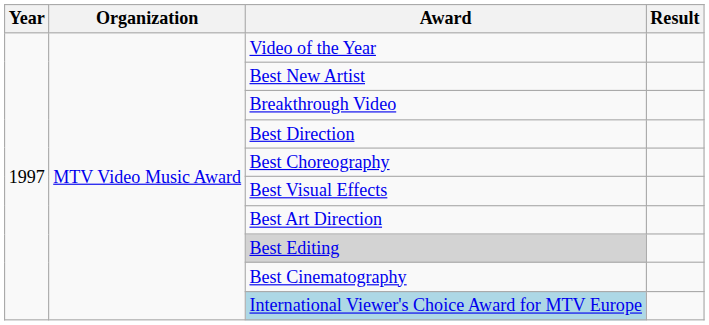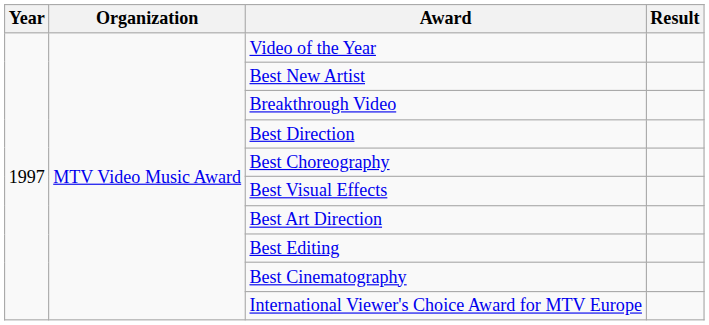 <table class="wikitable">
 <tr>
 <th>Year</th>
 <th>Organization</th>
 <th>Award</th>
 <th>Result</th>
 </tr>
 <tr>
 <td rowspan="10">1997</td>
 <td rowspan="10"><a href='#'>MTV Video Music Award</a></td>
 <td><a href='#'>Video of the Year</a></td>
 <td></td>
 </tr>
 <tr>
 <td><a href='#'>Best New Artist</a></td>
 <td></td>
 </tr>
 <tr>
 <td><a href='#'>Breakthrough Video</a></td>
 <td></td>
 </tr>
 <tr>
 <td><a href='#'>Best Direction</a> </td>
 <td></td>
 </tr>
 <tr>
 <td><a href='#'>Best Choreography</a> </td>
 <td></td>
 </tr>
 <tr>
 <td><a href='#'>Best Visual Effects</a> </td>
 <td></td>
 </tr>
 <tr>
 <td><a href='#'>Best Art Direction</a> </td>
 <td></td>
 </tr>
 <tr>
-<td style="background: lightgrey;"><a href='#'>Best Editing</a> </td>
+<td><a href='#'>Best Editing</a> </td>
 <td></td>
 </tr>
 <tr>
 <td><a href='#'>Best Cinematography</a> </td>
 <td></td>
 </tr>
 <tr>
-<td style="background: lightblue;"><a href='#'>International Viewer's Choice Award for MTV Europe</a></td>
+<td><a href='#'>International Viewer's Choice Award for MTV Europe</a></td>
 <td></td>
 </tr>
 </table>
